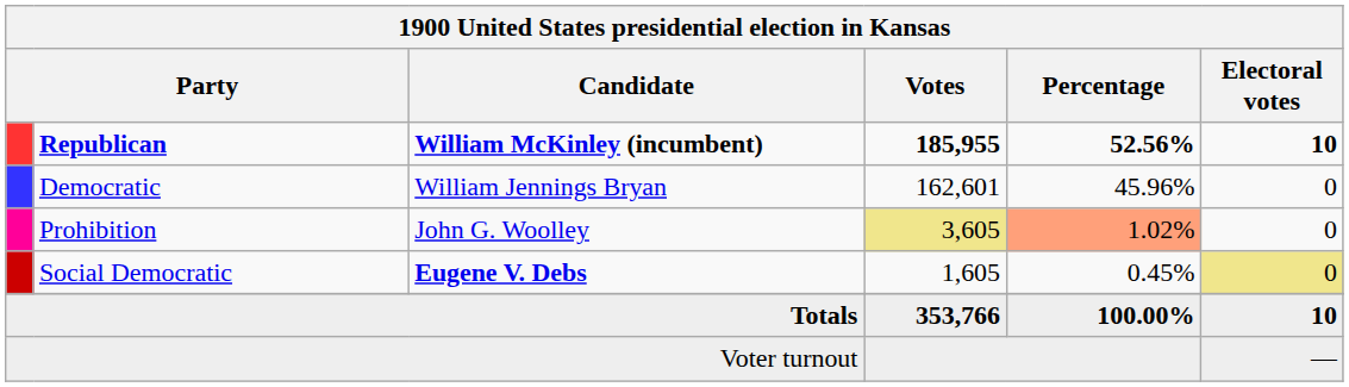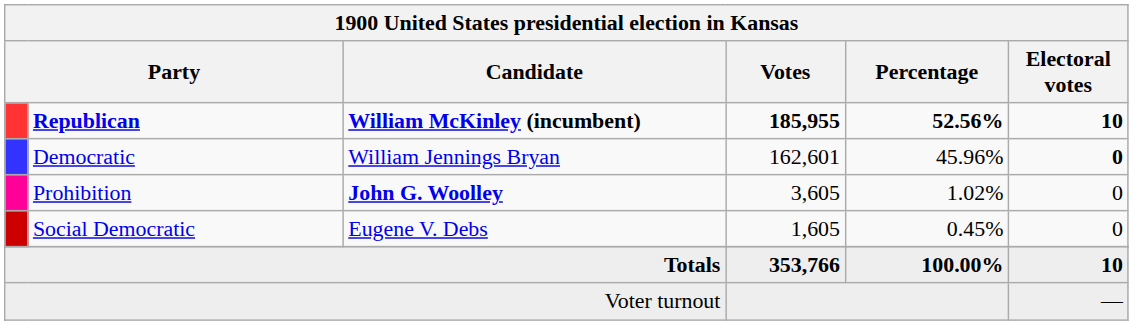 <table class="wikitable" style="font-size: 95%;">
 <tr>
 <th colspan="6">1900 United States presidential election in Kansas</th>
 </tr>
 <tr>
 <th colspan="2" style="width: 15em">Party</th>
 <th style="width: 17em">Candidate</th>
 <th style="width: 5em">Votes</th>
 <th style="width: 7em">Percentage</th>
 <th style="width: 5em">Electoral votes</th>
 </tr>
 <tr>
 <th style="background-color:#FF3333; width: 3px"></th>
 <td style="width: 130px"><strong><a href='#'>Republican</a></strong></td>
 <td><strong><a href='#'>William McKinley</a> (incumbent)</strong></td>
 <td align="right"><strong>185,955</strong></td>
 <td align="right"><strong>52.56%</strong></td>
 <td align="right"><strong>10</strong></td>
 </tr>
 <tr>
 <th style="background-color:#3333FF; width: 3px"></th>
 <td style="width: 130px"><a href='#'>Democratic</a></td>
 <td><a href='#'>William Jennings Bryan</a></td>
 <td align="right">162,601</td>
 <td align="right">45.96%</td>
-<td align="right">0</td>
+<td align="right"><strong>0</strong></td>
 </tr>
 <tr>
 <th style="background-color:#f09; width: 3px"></th>
 <td style="width: 130px"><a href='#'>Prohibition</a></td>
-<td><a href='#'>John G. Woolley</a></td>
-<td align="right" style="background: khaki;">3,605</td>
-<td align="right" style="background: lightsalmon;">1.02%</td>
+<td><strong><a href='#'>John G. Woolley</a></strong></td>
+<td align="right">3,605</td>
+<td align="right">1.02%</td>
 <td align="right">0</td>
 </tr>
 <tr>
 <th style="background-color:#c00; width: 3px"></th>
 <td style="width: 130px"><a href='#'>Social Democratic</a></td>
-<td><strong><a href='#'>Eugene V. Debs</a></strong></td>
+<td><a href='#'>Eugene V. Debs</a></td>
 <td align="right">1,605</td>
 <td align="right">0.45%</td>
-<td align="right" style="background: khaki;">0</td>
+<td align="right">0</td>
 </tr>
 <tr>
 </tr>
 <tr bgcolor="#EEEEEE">
 <td colspan="3" align="right"><strong>Totals</strong></td>
 <td align="right"><strong>353,766</strong></td>
 <td align="right"><strong>100.00%</strong></td>
 <td align="right"><strong>10</strong></td>
 </tr>
 <tr bgcolor="#EEEEEE">
 <td colspan="3" align="right">Voter turnout</td>
 <td colspan="2" align="right"></td>
 <td align="right">—</td>
 </tr>
 </table>
